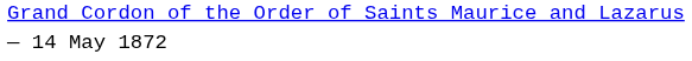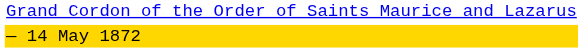 <table>
 <tr>
 <td rowspan=2 style="width:60px; vertical-align:top;"></td>
 <td><a href='#'>Grand Cordon of the Order of Saints Maurice and Lazarus</a></td>
 </tr>
 <tr>
-<td>— 14 May 1872</td>
+<td style="background: gold;">— 14 May 1872</td>
 </tr>
 </table>
